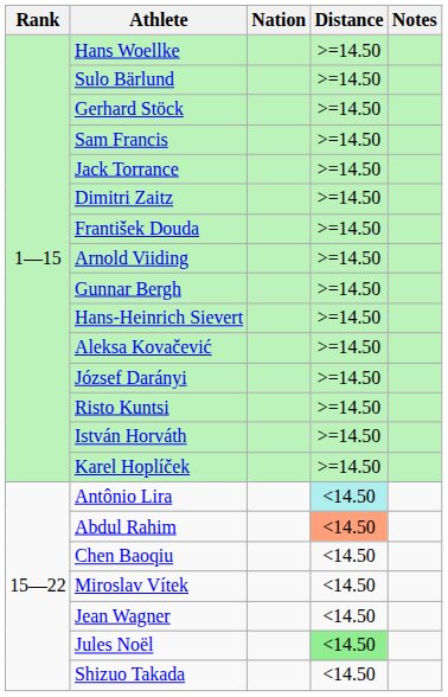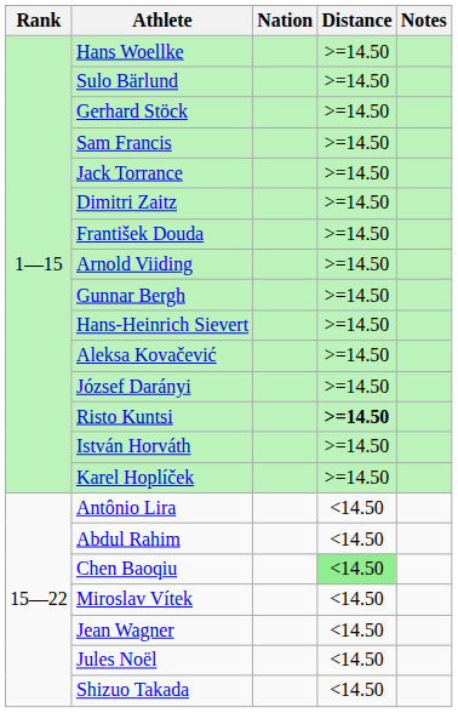 <table class="wikitable sortable" style="text-align:center">
 <tr>
 <th>Rank</th>
 <th>Athlete</th>
 <th>Nation</th>
 <th>Distance</th>
 <th>Notes</th>
 </tr>
 <tr bgcolor=bbf3bb>
 <td rowspan=15>1—15</td>
 <td align=left><a href='#'>Hans Woellke</a></td>
 <td align="left"></td>
 <td data-sort-value=14.50>>=14.50</td>
 <td></td>
 </tr>
 <tr bgcolor=bbf3bb>
 <td align=left><a href='#'>Sulo Bärlund</a></td>
 <td align="left"></td>
 <td data-sort-value=14.50>>=14.50</td>
 <td></td>
 </tr>
 <tr bgcolor=bbf3bb>
 <td align=left><a href='#'>Gerhard Stöck</a></td>
 <td align="left"></td>
 <td data-sort-value=14.50>>=14.50</td>
 <td></td>
 </tr>
 <tr bgcolor=bbf3bb>
 <td align=left><a href='#'>Sam Francis</a></td>
 <td align="left"></td>
 <td data-sort-value=14.50>>=14.50</td>
 <td></td>
 </tr>
 <tr bgcolor=bbf3bb>
 <td align=left><a href='#'>Jack Torrance</a></td>
 <td align="left"></td>
 <td data-sort-value=14.50>>=14.50</td>
 <td></td>
 </tr>
 <tr bgcolor=bbf3bb>
 <td align=left><a href='#'>Dimitri Zaitz</a></td>
 <td align="left"></td>
 <td data-sort-value=14.50>>=14.50</td>
 <td></td>
 </tr>
 <tr bgcolor=bbf3bb>
 <td align=left><a href='#'>František Douda</a></td>
 <td align="left"></td>
 <td data-sort-value=14.50>>=14.50</td>
 <td></td>
 </tr>
 <tr bgcolor=bbf3bb>
 <td align=left><a href='#'>Arnold Viiding</a></td>
 <td align="left"></td>
 <td data-sort-value=14.50>>=14.50</td>
 <td></td>
 </tr>
 <tr bgcolor=bbf3bb>
 <td align=left><a href='#'>Gunnar Bergh</a></td>
 <td align="left"></td>
 <td data-sort-value=14.50>>=14.50</td>
 <td></td>
 </tr>
 <tr bgcolor=bbf3bb>
 <td align=left><a href='#'>Hans-Heinrich Sievert</a></td>
 <td align="left"></td>
 <td data-sort-value=14.50>>=14.50</td>
 <td></td>
 </tr>
 <tr bgcolor=bbf3bb>
 <td align=left><a href='#'>Aleksa Kovačević</a></td>
 <td align="left"></td>
 <td data-sort-value=14.50>>=14.50</td>
 <td></td>
 </tr>
 <tr bgcolor=bbf3bb>
 <td align=left><a href='#'>József Darányi</a></td>
 <td align="left"></td>
 <td data-sort-value=14.50>>=14.50</td>
 <td></td>
 </tr>
 <tr bgcolor=bbf3bb>
 <td align=left><a href='#'>Risto Kuntsi</a></td>
 <td align="left"></td>
-<td data-sort-value=14.50>>=14.50</td>
+<td data-sort-value=14.50><strong>>=14.50</strong></td>
 <td></td>
 </tr>
 <tr bgcolor=bbf3bb>
 <td align=left><a href='#'>István Horváth</a></td>
 <td align="left"></td>
 <td data-sort-value=14.50>>=14.50</td>
 <td></td>
 </tr>
 <tr bgcolor=bbf3bb>
 <td align=left><a href='#'>Karel Hoplíček</a></td>
 <td align="left"></td>
 <td data-sort-value=14.50>>=14.50</td>
 <td></td>
 </tr>
 <tr>
 <td rowspan=7>15—22</td>
 <td align=left><a href='#'>Antônio Lira</a></td>
 <td align="left"></td>
-<td data-sort-value=14.49 style="background: paleturquoise;"><14.50</td>
+<td data-sort-value=14.49><14.50</td>
 <td></td>
 </tr>
 <tr>
 <td align=left><a href='#'>Abdul Rahim</a></td>
 <td align="left"></td>
-<td data-sort-value=14.49 style="background: lightsalmon;"><14.50</td>
+<td data-sort-value=14.49><14.50</td>
 <td></td>
 </tr>
 <tr>
 <td align=left><a href='#'>Chen Baoqiu</a></td>
 <td align="left"></td>
-<td data-sort-value=14.49><14.50</td>
+<td data-sort-value=14.49 style="background: lightgreen;"><14.50</td>
 <td></td>
 </tr>
 <tr>
 <td align=left><a href='#'>Miroslav Vítek</a></td>
 <td align="left"></td>
 <td data-sort-value=14.49><14.50</td>
 <td></td>
 </tr>
 <tr>
 <td align=left><a href='#'>Jean Wagner</a></td>
 <td align="left"></td>
 <td data-sort-value=14.49><14.50</td>
 <td></td>
 </tr>
 <tr>
 <td align=left><a href='#'>Jules Noël</a></td>
 <td align="left"></td>
-<td data-sort-value=14.49 style="background: lightgreen;"><14.50</td>
+<td data-sort-value=14.49><14.50</td>
 <td></td>
 </tr>
 <tr>
 <td align=left><a href='#'>Shizuo Takada</a></td>
 <td align="left"></td>
 <td data-sort-value=14.49><14.50</td>
 <td></td>
 </tr>
 </table>
